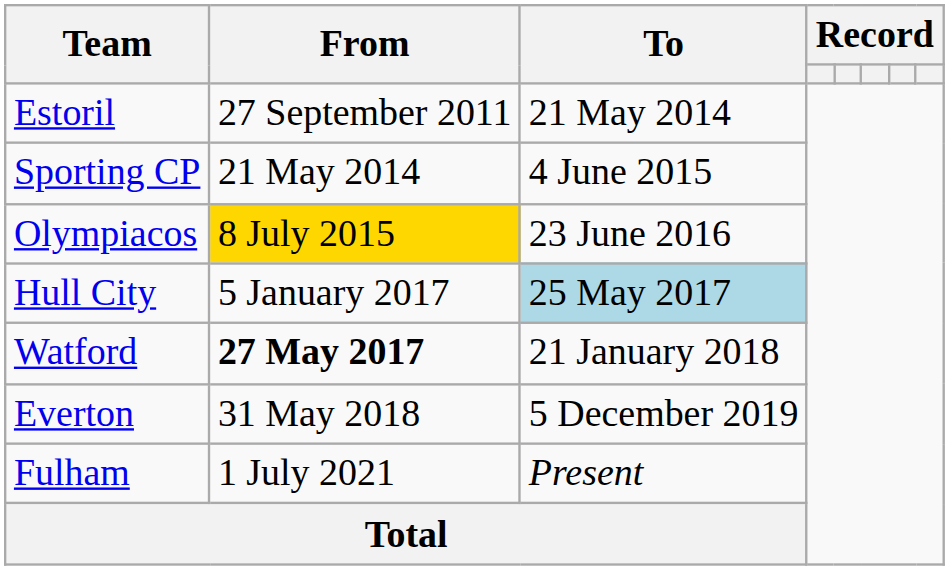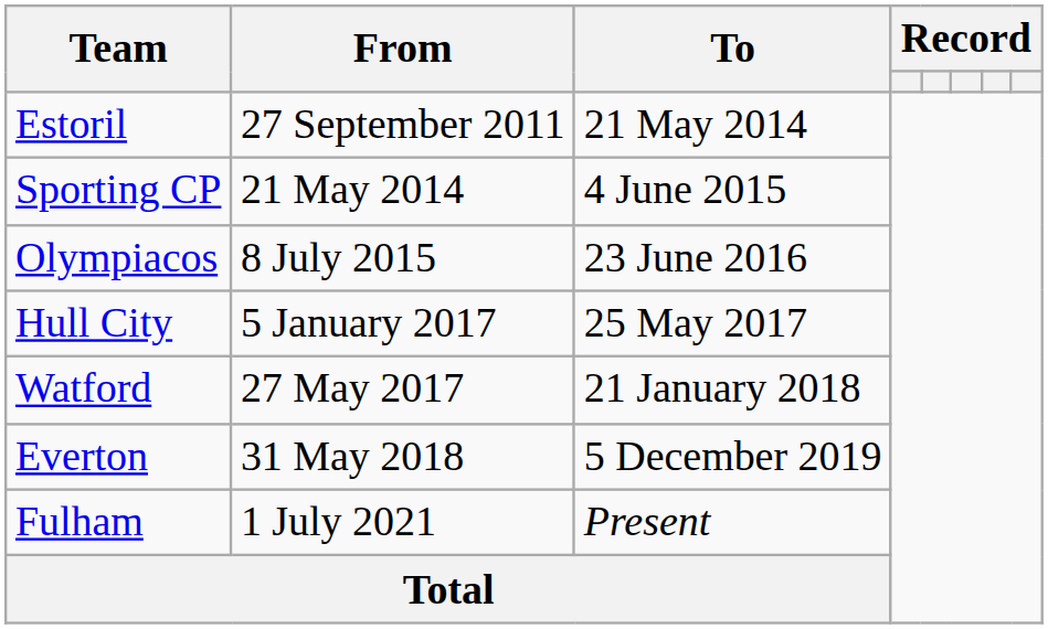 <table class=wikitable style="text-align: center;">
 <tr>
 <th rowspan=2>Team</th>
 <th rowspan=2>From</th>
 <th rowspan=2>To</th>
 <th colspan=5>Record</th>
 </tr>
 <tr>
 <th></th>
 <th></th>
 <th></th>
 <th></th>
 <th></th>
 </tr>
 <tr>
 <td align=left><a href='#'>Estoril</a></td>
 <td align=left>27 September 2011</td>
 <td align=left>21 May 2014<br></td>
 </tr>
 <tr>
 <td align=left><a href='#'>Sporting CP</a></td>
 <td align=left>21 May 2014</td>
 <td align=left>4 June 2015<br></td>
 </tr>
 <tr>
 <td align=left><a href='#'>Olympiacos</a></td>
-<td align=left style="background: gold;">8 July 2015</td>
+<td align=left>8 July 2015</td>
 <td align=left>23 June 2016<br></td>
 </tr>
 <tr>
 <td align=left><a href='#'>Hull City</a></td>
 <td align=left>5 January 2017</td>
-<td align=left style="background: lightblue;">25 May 2017<br></td>
+<td align=left>25 May 2017<br></td>
 </tr>
 <tr>
 <td align=left><a href='#'>Watford</a></td>
-<td align=left><strong>27 May 2017</strong></td>
+<td align=left>27 May 2017</td>
 <td align=left>21 January 2018<br></td>
 </tr>
 <tr>
 <td align=left><a href='#'>Everton</a></td>
 <td align=left>31 May 2018</td>
 <td align=left>5 December 2019<br></td>
 </tr>
 <tr>
 <td align=left><a href='#'>Fulham</a></td>
 <td align=left>1 July 2021</td>
 <td align=left><em>Present</em><br></td>
 </tr>
 <tr>
 <th colspan=3>Total<br></th>
 </tr>
 </table>
